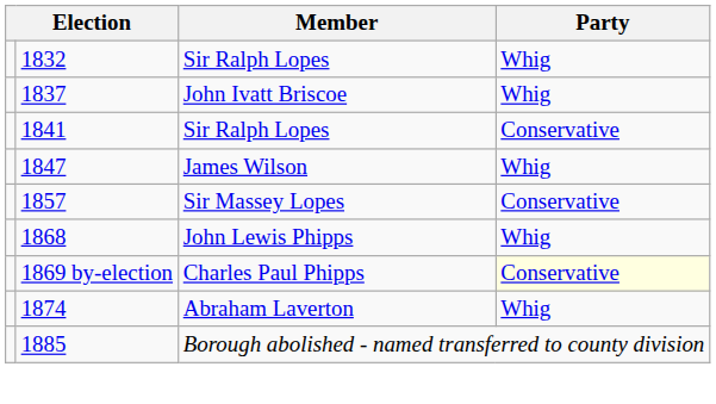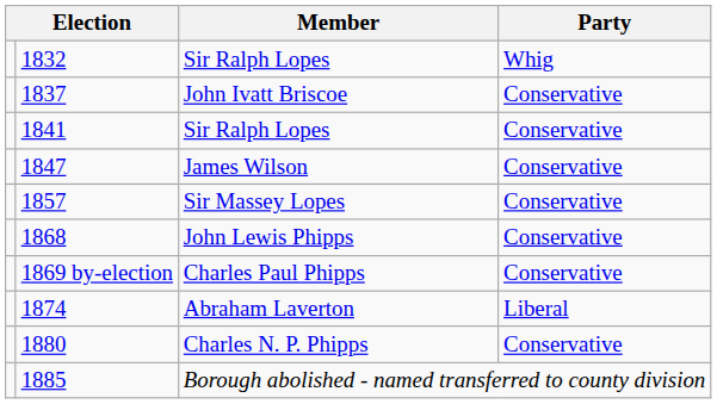 <table class="wikitable">
 <tr>
 <th colspan="2">Election</th>
 <th>Member</th>
 <th>Party</th>
 </tr>
 <tr>
 <td style="color:inherit;background-color: "></td>
 <td><a href='#'>1832</a></td>
 <td><a href='#'>Sir Ralph Lopes</a></td>
 <td><a href='#'>Whig</a></td>
 </tr>
 <tr>
 <td style="color:inherit;background-color: "></td>
 <td><a href='#'>1837</a></td>
 <td><a href='#'>John Ivatt Briscoe</a></td>
-<td><a href='#'>Whig</a></td>
+<td><a href='#'>Conservative</a></td>
 </tr>
 <tr>
 <td style="color:inherit;background-color: "></td>
 <td><a href='#'>1841</a></td>
 <td><a href='#'>Sir Ralph Lopes</a></td>
 <td><a href='#'>Conservative</a></td>
 </tr>
 <tr>
 <td style="color:inherit;background-color: "></td>
 <td><a href='#'>1847</a></td>
 <td><a href='#'>James Wilson</a></td>
-<td><a href='#'>Whig</a></td>
+<td><a href='#'>Conservative</a></td>
 </tr>
 <tr>
 <td style="color:inherit;background-color: "></td>
 <td><a href='#'>1857</a></td>
 <td><a href='#'>Sir Massey Lopes</a></td>
 <td><a href='#'>Conservative</a></td>
 </tr>
 <tr>
 <td style="color:inherit;background-color: "></td>
 <td><a href='#'>1868</a></td>
 <td><a href='#'>John Lewis Phipps</a></td>
-<td><a href='#'>Whig</a></td>
+<td><a href='#'>Conservative</a></td>
 </tr>
 <tr>
 <td style="color:inherit;background-color: "></td>
 <td><a href='#'>1869 by-election</a></td>
 <td><a href='#'>Charles Paul Phipps</a></td>
-<td style="background: lightyellow;"><a href='#'>Conservative</a></td>
+<td><a href='#'>Conservative</a></td>
 </tr>
 <tr>
 <td style="color:inherit;background-color: "></td>
 <td><a href='#'>1874</a></td>
 <td><a href='#'>Abraham Laverton</a></td>
-<td><a href='#'>Whig</a></td>
+<td><a href='#'>Liberal</a></td>
+</tr>
+<tr>
+<td style="color:inherit;background-color: "></td>
+<td><a href='#'>1880</a></td>
+<td><a href='#'>Charles N. P. Phipps</a></td>
+<td><a href='#'>Conservative</a></td>
 </tr>
 <tr>
 <td></td>
 <td><a href='#'>1885</a></td>
 <td colspan="2"><em>Borough abolished - named transferred to county division</em></td>
 </tr>
 </table>
